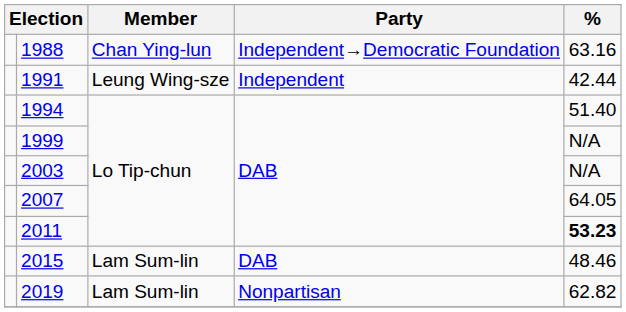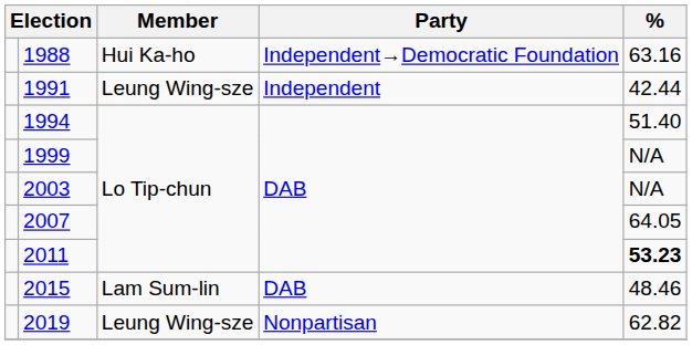 <table class="wikitable">
 <tr>
 <th colspan="2">Election</th>
 <th>Member</th>
 <th>Party</th>
 <th>%</th>
 </tr>
 <tr>
 <td style="background-color: "></td>
 <td><a href='#'>1988</a></td>
-<td><a href='#'>Chan Ying-lun</a></td>
+<td>Hui Ka-ho</td>
 <td><a href='#'>Independent</a>→<a href='#'>Democratic Foundation</a></td>
 <td>63.16</td>
 </tr>
 <tr>
 <td style="background-color: "></td>
 <td><a href='#'>1991</a></td>
 <td>Leung Wing-sze</td>
 <td><a href='#'>Independent</a></td>
 <td>42.44</td>
 </tr>
 <tr>
 <td style="background-color: "></td>
 <td><a href='#'>1994</a></td>
 <td rowspan=5>Lo Tip-chun</td>
 <td rowspan=5><a href='#'>DAB</a></td>
 <td>51.40</td>
 </tr>
 <tr>
 <td style="background-color: "></td>
 <td><a href='#'>1999</a></td>
 <td>N/A</td>
 </tr>
 <tr>
 <td style="background-color: "></td>
 <td><a href='#'>2003</a></td>
 <td>N/A</td>
 </tr>
 <tr>
 <td style="background-color: "></td>
 <td><a href='#'>2007</a></td>
 <td>64.05</td>
 </tr>
 <tr>
 <td style="background-color: "></td>
 <td><a href='#'>2011</a></td>
 <td><strong>53.23</strong></td>
 </tr>
 <tr>
 <td style="background-color: "></td>
 <td><a href='#'>2015</a></td>
 <td>Lam Sum-lin</td>
 <td><a href='#'>DAB</a></td>
 <td>48.46</td>
 </tr>
 <tr>
 <td style="background-color: "></td>
 <td><a href='#'>2019</a></td>
-<td>Lam Sum-lin</td>
+<td>Leung Wing-sze</td>
 <td><a href='#'>Nonpartisan</a></td>
 <td>62.82</td>
 </tr>
 <tr>
 </tr>
 </table>
